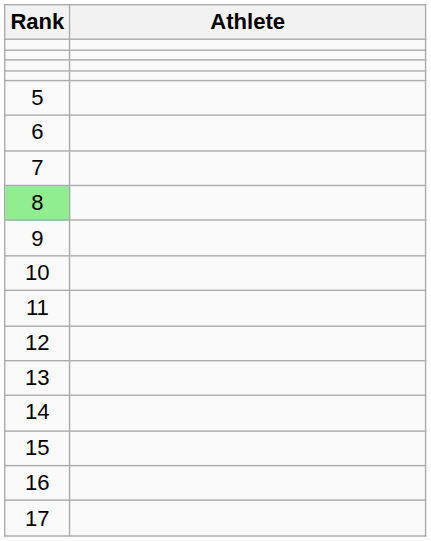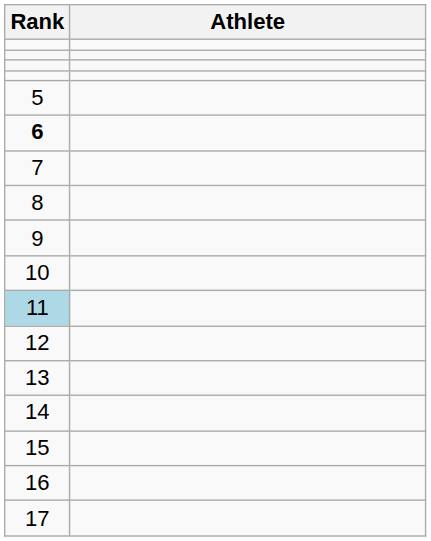 <table class="wikitable" style="text-align: center;">
 <tr>
 <th width=40>Rank</th>
 <th width=250>Athlete</th>
 </tr>
 <tr>
 <td></td>
 <td align=left></td>
 </tr>
 <tr>
 <td></td>
 <td align=left></td>
 </tr>
 <tr>
 <td></td>
 <td align=left></td>
 </tr>
 <tr>
 <td></td>
 <td align=left></td>
 </tr>
 <tr>
 <td>5</td>
 <td align=left></td>
 </tr>
 <tr>
-<td>6</td>
+<td><strong>6</strong></td>
 <td align=left></td>
 </tr>
 <tr>
 <td>7</td>
 <td align=left></td>
 </tr>
 <tr>
-<td style="background: lightgreen;">8</td>
+<td>8</td>
 <td align=left></td>
 </tr>
 <tr>
 <td>9</td>
 <td align=left></td>
 </tr>
 <tr>
 <td>10</td>
 <td align=left></td>
 </tr>
 <tr>
-<td>11</td>
+<td style="background: lightblue;">11</td>
 <td align=left></td>
 </tr>
 <tr>
 <td>12</td>
 <td align=left></td>
 </tr>
 <tr>
 <td>13</td>
 <td align=left></td>
 </tr>
 <tr>
 <td>14</td>
 <td align=left></td>
 </tr>
 <tr>
 <td>15</td>
 <td align=left></td>
 </tr>
 <tr>
 <td>16</td>
 <td align=left></td>
 </tr>
 <tr>
 <td>17</td>
 <td align=left></td>
 </tr>
 </table>
